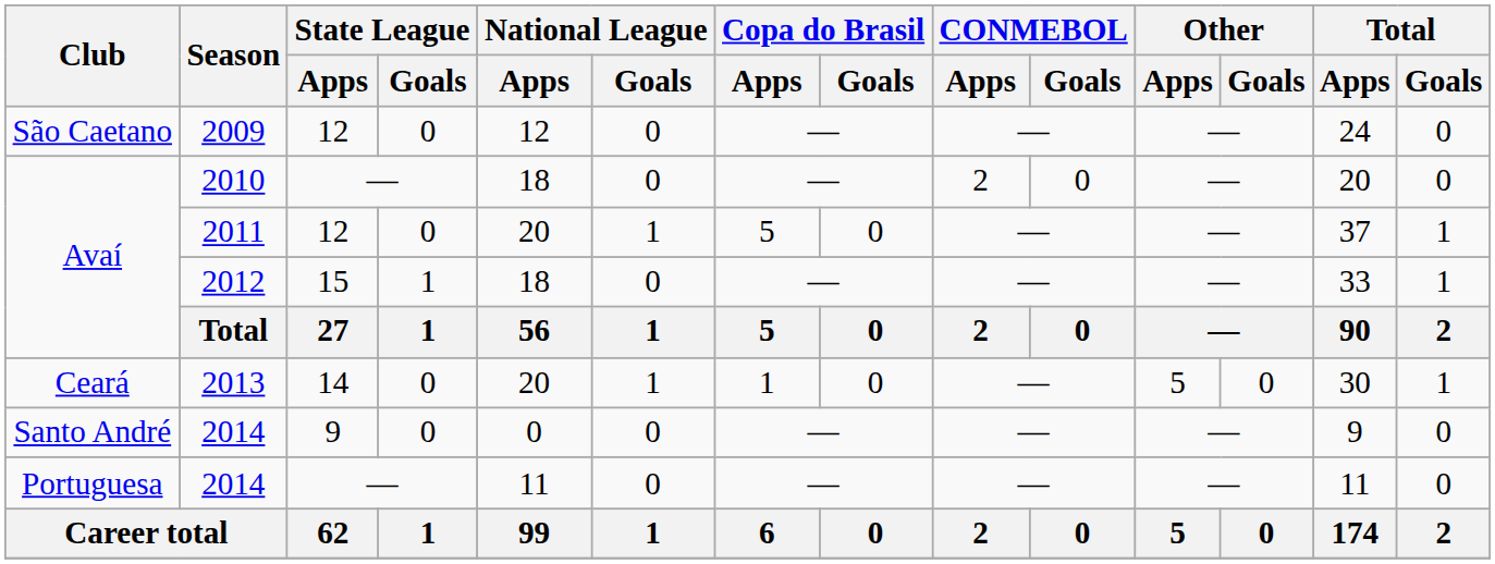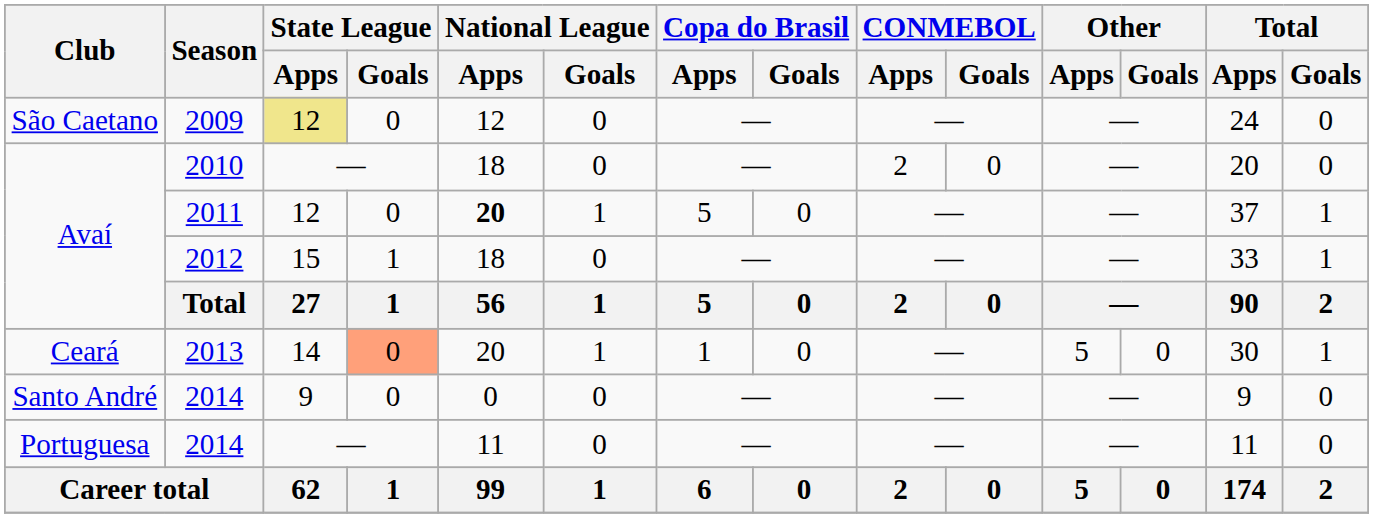 <table class="wikitable" style="text-align: center;">
 <tr>
 <th rowspan="2">Club</th>
 <th rowspan="2">Season</th>
 <th colspan="2">State League</th>
 <th colspan="2">National League</th>
 <th colspan="2"><a href='#'>Copa do Brasil</a></th>
 <th colspan="2"><a href='#'>CONMEBOL</a></th>
 <th colspan="2">Other</th>
 <th colspan="2">Total</th>
 </tr>
 <tr>
 <th>Apps</th>
 <th>Goals</th>
 <th>Apps</th>
 <th>Goals</th>
 <th>Apps</th>
 <th>Goals</th>
 <th>Apps</th>
 <th>Goals</th>
 <th>Apps</th>
 <th>Goals</th>
 <th>Apps</th>
 <th>Goals</th>
 </tr>
 <tr>
 <td><a href='#'>São Caetano</a></td>
 <td><a href='#'>2009</a></td>
-<td>12</td>
+<td style="background: khaki;">12</td>
 <td>0</td>
 <td>12</td>
 <td>0</td>
 <td colspan="2">—</td>
 <td colspan="2">—</td>
 <td colspan="2">—</td>
 <td>24</td>
 <td>0</td>
 </tr>
 <tr>
 <td rowspan="4"><a href='#'>Avaí</a></td>
 <td><a href='#'>2010</a></td>
 <td colspan="2">—</td>
 <td>18</td>
 <td>0</td>
 <td colspan="2">—</td>
 <td>2</td>
 <td>0</td>
 <td colspan="2">—</td>
 <td>20</td>
 <td>0</td>
 </tr>
 <tr>
 <td><a href='#'>2011</a></td>
 <td>12</td>
 <td>0</td>
-<td>20</td>
+<td><strong>20</strong></td>
 <td>1</td>
 <td>5</td>
 <td>0</td>
 <td colspan="2">—</td>
 <td colspan="2">—</td>
 <td>37</td>
 <td>1</td>
 </tr>
 <tr>
 <td><a href='#'>2012</a></td>
 <td>15</td>
 <td>1</td>
 <td>18</td>
 <td>0</td>
 <td colspan="2">—</td>
 <td colspan="2">—</td>
 <td colspan="2">—</td>
 <td>33</td>
 <td>1</td>
 </tr>
 <tr>
 <th><strong>Total</strong></th>
 <th>27</th>
 <th>1</th>
 <th>56</th>
 <th>1</th>
 <th>5</th>
 <th>0</th>
 <th>2</th>
 <th>0</th>
 <th colspan="2">—</th>
 <th>90</th>
 <th>2</th>
 </tr>
 <tr>
 <td><a href='#'>Ceará</a></td>
 <td><a href='#'>2013</a></td>
 <td>14</td>
-<td>0</td>
+<td style="background: lightsalmon;">0</td>
 <td>20</td>
 <td>1</td>
 <td>1</td>
 <td>0</td>
 <td colspan="2">—</td>
 <td>5</td>
 <td>0</td>
 <td>30</td>
 <td>1</td>
 </tr>
 <tr>
 <td><a href='#'>Santo André</a></td>
 <td><a href='#'>2014</a></td>
 <td>9</td>
 <td>0</td>
 <td>0</td>
 <td>0</td>
 <td colspan="2">—</td>
 <td colspan="2">—</td>
 <td colspan="2">—</td>
 <td>9</td>
 <td>0</td>
 </tr>
 <tr>
 <td><a href='#'>Portuguesa</a></td>
 <td><a href='#'>2014</a></td>
 <td colspan="2">—</td>
 <td>11</td>
 <td>0</td>
 <td colspan="2">—</td>
 <td colspan="2">—</td>
 <td colspan="2">—</td>
 <td>11</td>
 <td>0</td>
 </tr>
 <tr>
 <th colspan="2"><strong>Career total</strong></th>
 <th>62</th>
 <th>1</th>
 <th>99</th>
 <th>1</th>
 <th>6</th>
 <th>0</th>
 <th>2</th>
 <th>0</th>
 <th>5</th>
 <th>0</th>
 <th>174</th>
 <th>2</th>
 </tr>
 <tr>
 </tr>
 </table>
